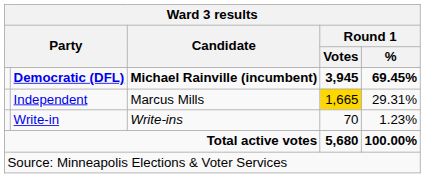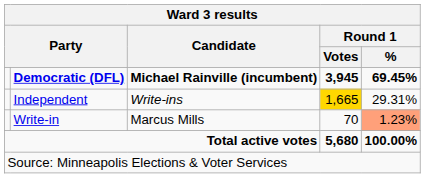 <table class="wikitable">
 <tr>
 <th colspan="5">Ward 3 results</th>
 </tr>
 <tr>
 <th rowspan="2" colspan="2">Party</th>
 <th rowspan="2">Candidate</th>
 <th colspan="2">Round 1</th>
 </tr>
 <tr>
 <th>Votes</th>
 <th>%</th>
 </tr>
 <tr>
 <td style="background-color:"></td>
 <td><strong><a href='#'>Democratic (DFL)</a></strong></td>
 <td><strong>Michael Rainville (incumbent)</strong></td>
 <td align="right"><strong>3,945</strong></td>
 <td align="right"><strong>69.45%</strong></td>
 </tr>
 <tr>
 <td style="background-color:"></td>
 <td><a href='#'>Independent</a></td>
-<td>Marcus Mills</td>
+<td><em>Write-ins</em></td>
 <td align="right" style="background: gold;">1,665</td>
 <td align="right">29.31%</td>
 </tr>
 <tr>
 <td style="background-color:"></td>
 <td><a href='#'>Write-in</a></td>
-<td><em>Write-ins</em></td>
+<td>Marcus Mills</td>
 <td align="right">70</td>
-<td align="right">1.23%</td>
+<td align="right" style="background: lightsalmon;">1.23%</td>
 </tr>
 <tr align="right">
 <td colspan="3"><strong>Total active votes</strong></td>
 <td><strong>5,680</strong></td>
 <td><strong>100.00%</strong></td>
 </tr>
 <tr>
 <td colspan="7">Source: Minneapolis Elections & Voter Services</td>
 </tr>
 </table>
